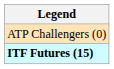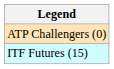 <table class=wikitable style=font-size:97%>
 <tr>
 <th>Legend</th>
 </tr>
 <tr style="background:moccasin;">
 <td>ATP Challengers (0)</td>
 </tr>
 <tr style="background:#cffcff;">
-<td><strong>ITF Futures (15)</strong></td>
+<td>ITF Futures (15)</td>
 </tr>
 </table>
